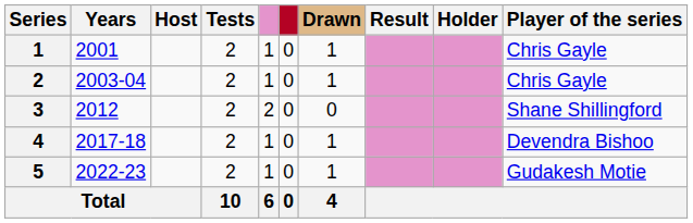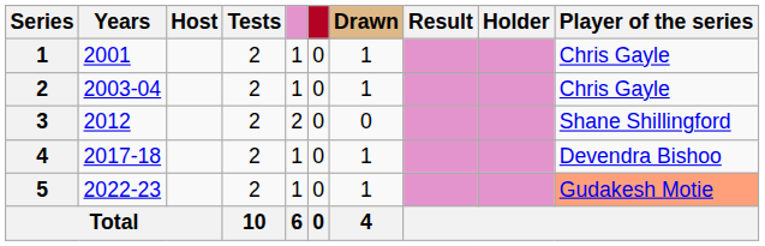 <table class="wikitable unsortable">
 <tr>
 <th scope="col">Series</th>
 <th scope="col">Years</th>
 <th scope="col">Host</th>
 <th scope="col">Tests</th>
 <th scope="col" style="background:#E494CC"></th>
 <th scope="col" style="background:#b40224"></th>
 <th scope="col" style="background:#deb887">Drawn</th>
 <th scope="col" class="unsortable">Result</th>
 <th scope="col" class="unsortable">Holder</th>
 <th scope="col" class="unsortable">Player of the series</th>
 </tr>
 <tr>
 <th scope=row align=center>1</th>
 <td><a href='#'>2001</a></td>
 <td></td>
 <td style="text-align:center;">2</td>
 <td style="text-align:center;">1</td>
 <td style="text-align:center;">0</td>
 <td style="text-align:center;">1</td>
 <td bgcolor="#E494CC"></td>
 <td bgcolor="#E494CC"></td>
 <td> <a href='#'>Chris Gayle</a></td>
 </tr>
 <tr>
 <th scope=row align=center>2</th>
 <td><a href='#'>2003-04</a></td>
 <td></td>
 <td style="text-align:center;">2</td>
 <td style="text-align:center;">1</td>
 <td style="text-align:center;">0</td>
 <td style="text-align:center;">1</td>
 <td bgcolor="#E494CC"></td>
 <td bgcolor="#E494CC"></td>
 <td> <a href='#'>Chris Gayle</a></td>
 </tr>
 <tr>
 <th scope=row align=center>3</th>
 <td><a href='#'>2012</a></td>
 <td></td>
 <td style="text-align:center;">2</td>
 <td style="text-align:center;">2</td>
 <td style="text-align:center;">0</td>
 <td style="text-align:center;">0</td>
 <td bgcolor="#E494CC"></td>
 <td bgcolor="#E494CC"></td>
 <td> <a href='#'>Shane Shillingford</a></td>
 </tr>
 <tr>
 <th scope=row align=center>4</th>
 <td><a href='#'>2017-18</a></td>
 <td></td>
 <td style="text-align:center;">2</td>
 <td style="text-align:center;">1</td>
 <td style="text-align:center;">0</td>
 <td style="text-align:center;">1</td>
 <td bgcolor="#E494CC"></td>
 <td bgcolor="#E494CC"></td>
 <td> <a href='#'>Devendra Bishoo</a></td>
 </tr>
 <tr>
 <th scope=row align=center>5</th>
 <td><a href='#'>2022-23</a></td>
 <td></td>
 <td style="text-align:center;">2</td>
 <td style="text-align:center;">1</td>
 <td style="text-align:center;">0</td>
 <td style="text-align:center;">1</td>
 <td bgcolor="#E494CC"></td>
 <td bgcolor="#E494CC"></td>
-<td> <a href='#'>Gudakesh Motie</a></td>
+<td style="background: lightsalmon;"> <a href='#'>Gudakesh Motie</a></td>
 </tr>
 <tr>
 <th colspan=3>Total</th>
 <th>10</th>
 <th>6</th>
 <th>0</th>
 <th>4</th>
 <th colspan=3></th>
 </tr>
 </table>
